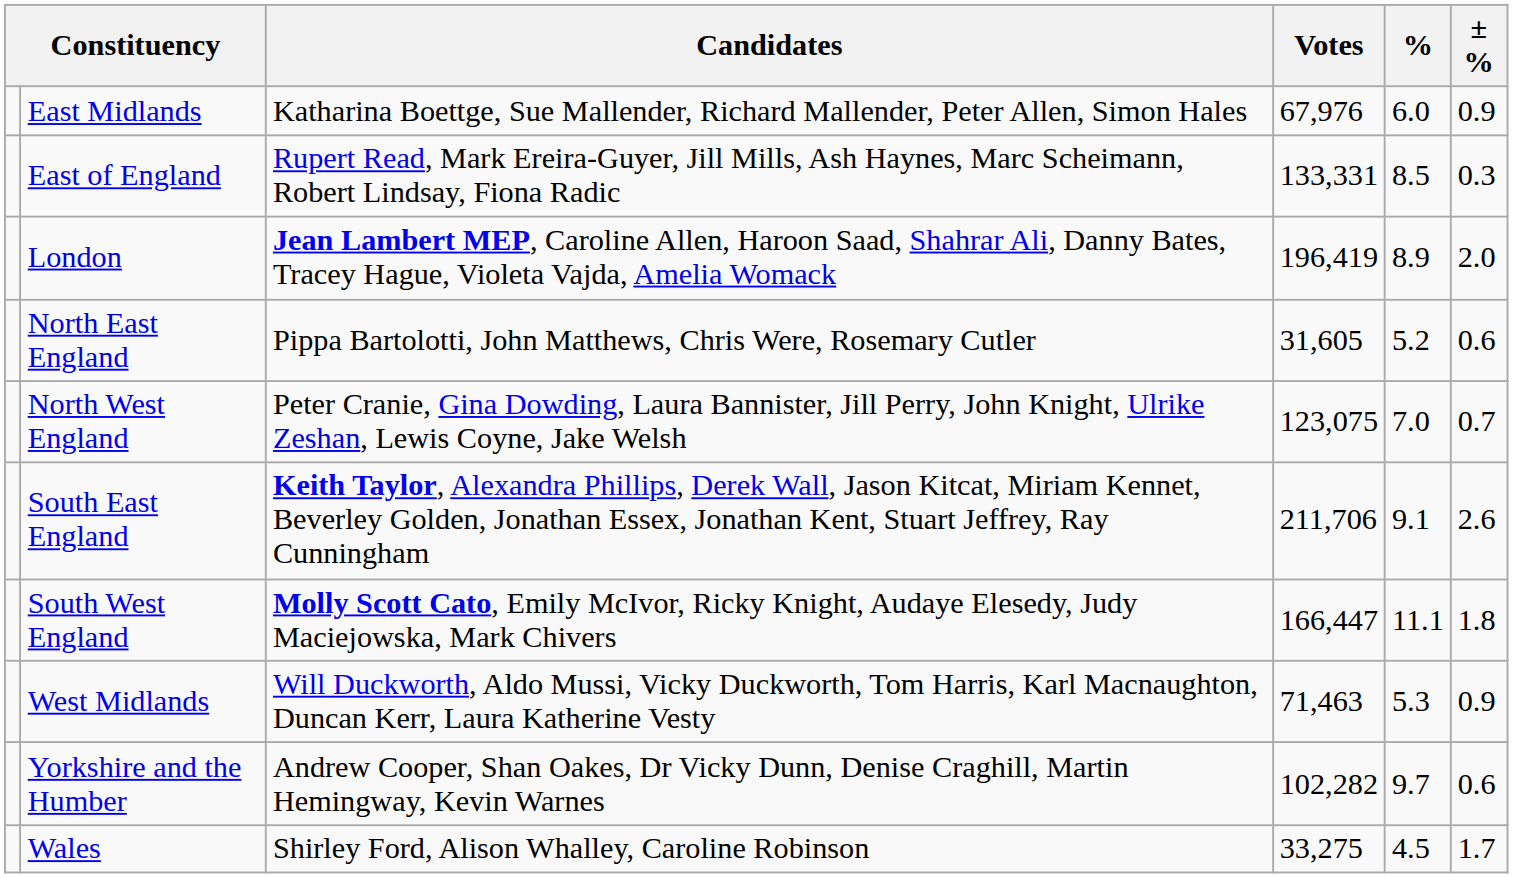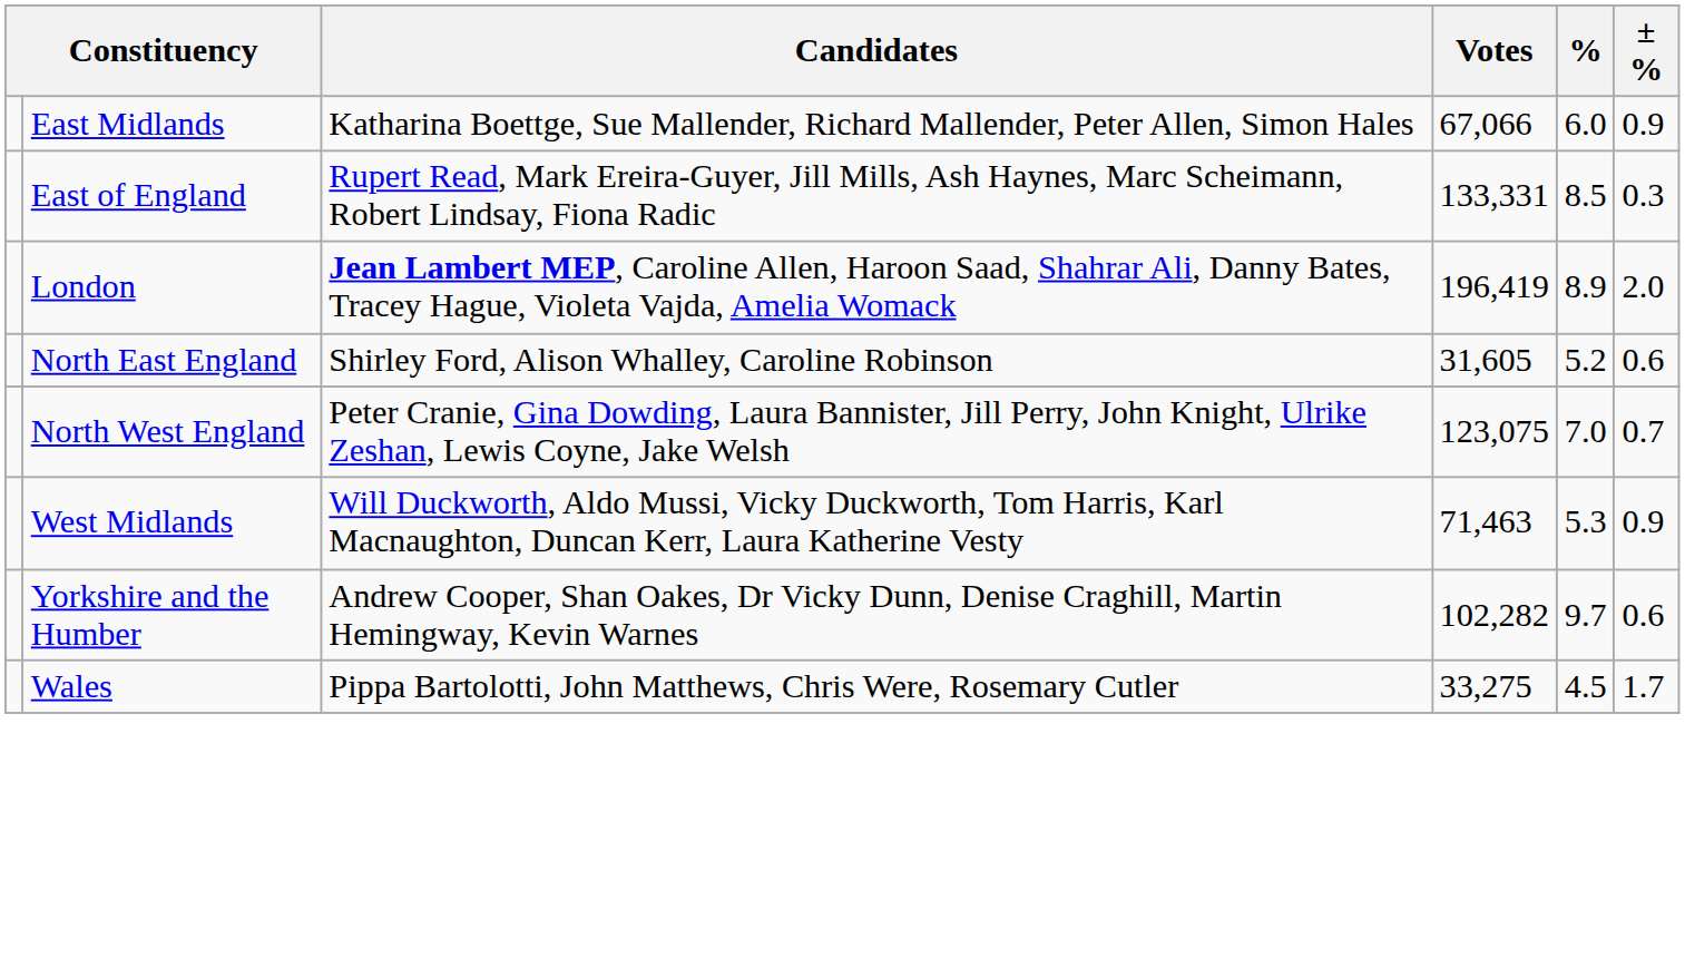 <table class="wikitable sortable" style="width:90%; height:175px;">
 <tr border="1" cellspacing="0" cellpadding="5">
 <th colspan="2">Constituency</th>
 <th>Candidates</th>
 <th>Votes</th>
 <th>%</th>
 <th>±%</th>
 </tr>
 <tr>
 <td width="1" style="color:inherit;background:"></td>
 <td><a href='#'>East Midlands</a></td>
 <td>Katharina Boettge, Sue Mallender, Richard Mallender, Peter Allen, Simon Hales</td>
-<td>67,976</td>
+<td>67,066</td>
 <td>6.0</td>
 <td>0.9</td>
 </tr>
 <tr>
 <td style="color:inherit;background:"></td>
 <td><a href='#'>East of England</a></td>
 <td><a href='#'>Rupert Read</a>, Mark Ereira-Guyer, Jill Mills, Ash Haynes, Marc Scheimann, Robert Lindsay, Fiona Radic</td>
 <td>133,331</td>
 <td>8.5</td>
 <td>0.3</td>
 </tr>
 <tr>
 <td style="color:inherit;background:"></td>
 <td><a href='#'>London</a></td>
 <td><strong><a href='#'>Jean Lambert MEP</a></strong>, Caroline Allen, Haroon Saad, <a href='#'>Shahrar Ali</a>, Danny Bates, Tracey Hague, Violeta Vajda, <a href='#'>Amelia Womack</a></td>
 <td>196,419</td>
 <td>8.9</td>
 <td>2.0</td>
 </tr>
 <tr>
 <td style="color:inherit;background:"></td>
 <td><a href='#'>North East England</a></td>
-<td>Pippa Bartolotti, John Matthews, Chris Were, Rosemary Cutler</td>
+<td>Shirley Ford, Alison Whalley, Caroline Robinson</td>
 <td>31,605</td>
 <td>5.2</td>
 <td>0.6</td>
 </tr>
 <tr>
 <td style="color:inherit;background:"></td>
 <td><a href='#'>North West England</a></td>
 <td>Peter Cranie, <a href='#'>Gina Dowding</a>, Laura Bannister, Jill Perry, John Knight, <a href='#'>Ulrike Zeshan</a>, Lewis Coyne, Jake Welsh</td>
 <td>123,075</td>
 <td>7.0</td>
 <td>0.7</td>
-</tr>
-<tr>
-<td style="color:inherit;background:"></td>
-<td><a href='#'>South East England</a></td>
-<td><strong><a href='#'>Keith Taylor</a></strong>, <a href='#'>Alexandra Phillips</a>, <a href='#'>Derek Wall</a>, Jason Kitcat, Miriam Kennet, Beverley Golden, Jonathan Essex, Jonathan Kent, Stuart Jeffrey, Ray Cunningham</td>
-<td>211,706</td>
-<td>9.1</td>
-<td>2.6</td>
-</tr>
-<tr>
-<td style="color:inherit;background:"></td>
-<td><a href='#'>South West England</a></td>
-<td><strong><a href='#'>Molly Scott Cato</a></strong>, Emily McIvor, Ricky Knight, Audaye Elesedy, Judy Maciejowska, Mark Chivers</td>
-<td>166,447</td>
-<td>11.1</td>
-<td>1.8</td>
 </tr>
 <tr>
 <td style="color:inherit;background:"></td>
 <td><a href='#'>West Midlands</a></td>
 <td><a href='#'>Will Duckworth</a>, Aldo Mussi, Vicky Duckworth, Tom Harris, Karl Macnaughton, Duncan Kerr, Laura Katherine Vesty</td>
 <td>71,463</td>
 <td>5.3</td>
 <td>0.9</td>
 </tr>
 <tr>
 <td style="color:inherit;background:"></td>
 <td><a href='#'>Yorkshire and the Humber</a></td>
 <td>Andrew Cooper, Shan Oakes, Dr Vicky Dunn, Denise Craghill, Martin Hemingway, Kevin Warnes</td>
 <td>102,282</td>
 <td>9.7</td>
 <td>0.6</td>
 </tr>
 <tr>
 <td style="color:inherit;background:"></td>
 <td><a href='#'>Wales</a></td>
-<td>Shirley Ford, Alison Whalley, Caroline Robinson</td>
+<td>Pippa Bartolotti, John Matthews, Chris Were, Rosemary Cutler</td>
 <td>33,275</td>
 <td>4.5</td>
 <td>1.7</td>
 </tr>
 </table>
